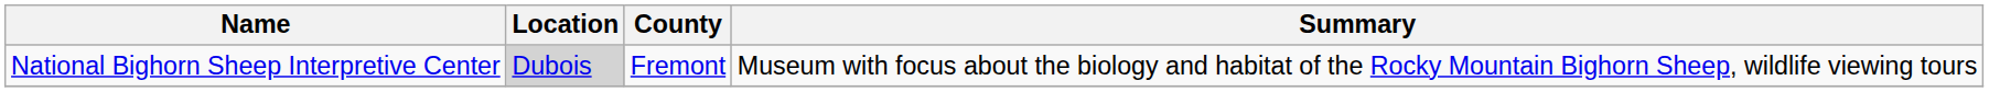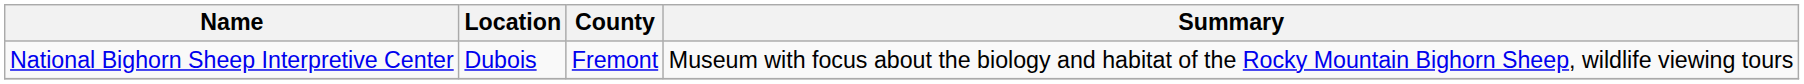 <table class="wikitable">
 <tr>
 <th>Name</th>
 <th>Location</th>
 <th>County</th>
 <th>Summary</th>
 </tr>
 <tr>
 <td><a href='#'>National Bighorn Sheep Interpretive Center</a></td>
-<td style="background: lightgrey;"><a href='#'>Dubois</a></td>
+<td><a href='#'>Dubois</a></td>
 <td><a href='#'>Fremont</a></td>
 <td>Museum with focus about the biology and habitat of the <a href='#'>Rocky Mountain Bighorn Sheep</a>, wildlife viewing tours</td>
 </tr>
 <tr>
 </tr>
 </table>
